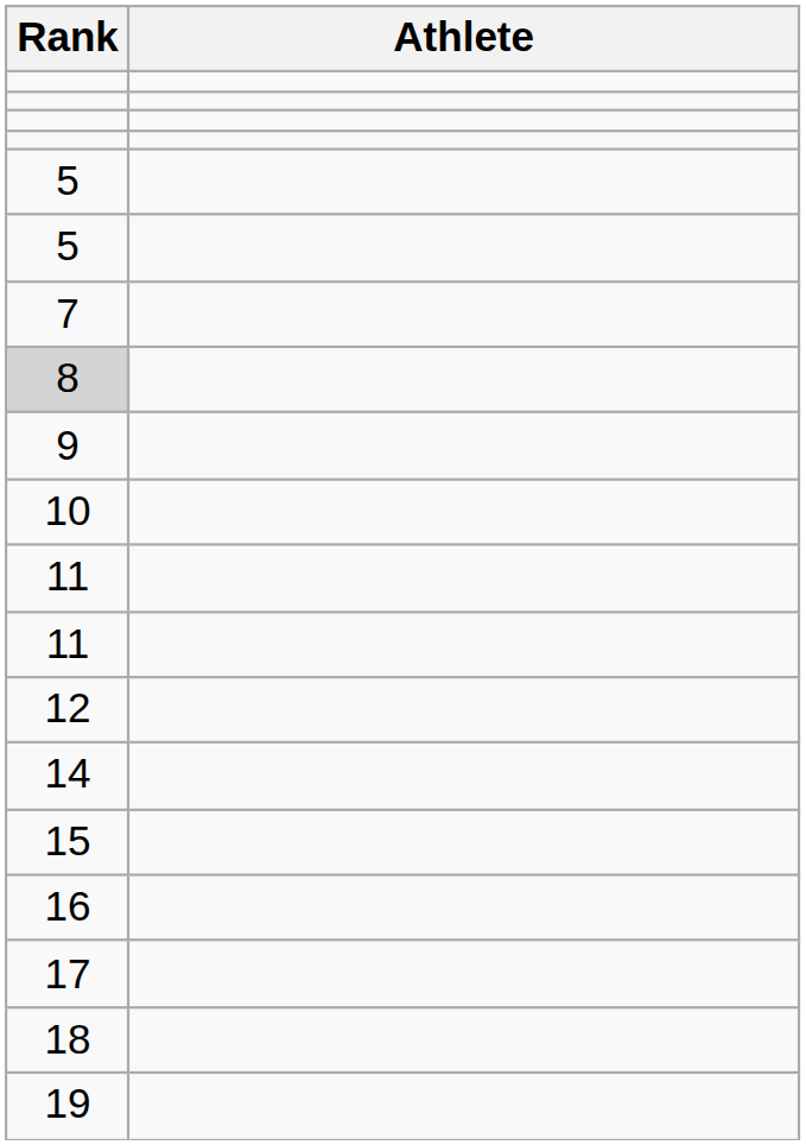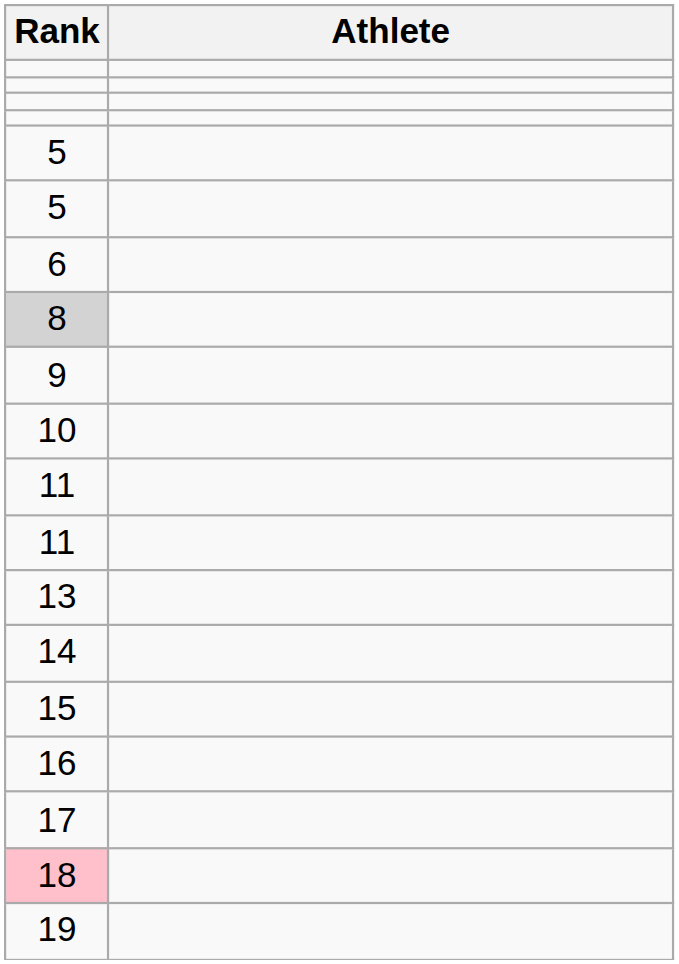 <table class="wikitable" style="text-align: center;">
 <tr>
 <th width=40>Rank</th>
 <th width=250>Athlete</th>
 </tr>
 <tr>
 <td></td>
 <td align="left"></td>
 </tr>
 <tr>
 <td></td>
 <td align="left"></td>
 </tr>
 <tr>
 <td></td>
 <td align="left"></td>
 </tr>
 <tr>
 <td></td>
 <td align="left"></td>
 </tr>
 <tr>
 <td>5</td>
 <td align="left"></td>
 </tr>
 <tr>
 <td>5</td>
 <td align="left"></td>
 </tr>
 <tr>
-<td>7</td>
+<td>6</td>
 <td align="left"></td>
 </tr>
 <tr>
 <td style="background: lightgrey;">8</td>
 <td align="left"></td>
 </tr>
 <tr>
 <td>9</td>
 <td align="left"></td>
 </tr>
 <tr>
 <td>10</td>
 <td align="left"></td>
 </tr>
 <tr>
 <td>11</td>
 <td align="left"></td>
 </tr>
 <tr>
 <td>11</td>
 <td align="left"></td>
 </tr>
 <tr>
-<td>12</td>
+<td>13</td>
 <td align="left"></td>
 </tr>
 <tr>
 <td>14</td>
 <td align="left"></td>
 </tr>
 <tr>
 <td>15</td>
 <td align="left"></td>
 </tr>
 <tr>
 <td>16</td>
 <td align="left"></td>
 </tr>
 <tr>
 <td>17</td>
 <td align="left"></td>
 </tr>
 <tr>
-<td>18</td>
+<td style="background: pink;">18</td>
 <td align="left"></td>
 </tr>
 <tr>
 <td>19</td>
 <td align="left"></td>
 </tr>
 </table>
